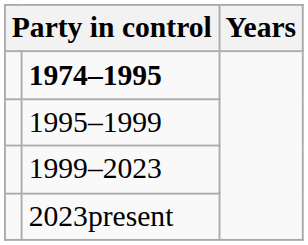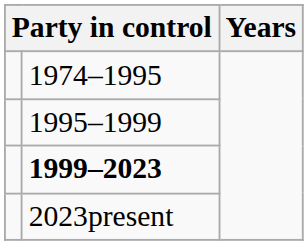 <table class="wikitable">
 <tr>
 <th colspan=2>Party in control</th>
 <th>Years</th>
 </tr>
 <tr>
 <td></td>
-<td><strong>1974–1995</strong></td>
+<td>1974–1995</td>
 </tr>
 <tr>
 <td></td>
 <td>1995–1999</td>
 </tr>
 <tr>
 <td></td>
-<td>1999–2023</td>
+<td><strong>1999–2023</strong></td>
 </tr>
 <tr>
 <td></td>
 <td>2023present</td>
 </tr>
 </table>
